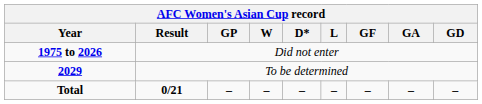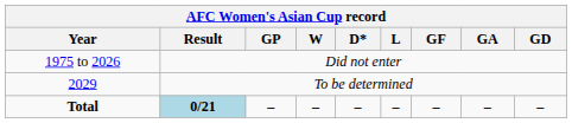 <table class="wikitable" style="text-align: center; width:50%;">
 <tr>
 <th colspan=10><a href='#'>AFC Women's Asian Cup</a> record</th>
 </tr>
 <tr>
 <th>Year</th>
 <th>Result</th>
 <th>GP</th>
 <th>W</th>
 <th>D*</th>
 <th>L</th>
 <th>GF</th>
 <th>GA</th>
 <th>GD</th>
 </tr>
 <tr>
-<td><strong> <a href='#'>1975</a> to  <a href='#'>2026</a></strong></td>
+<td> <a href='#'>1975</a> to  <a href='#'>2026</a></td>
 <td colspan=9><em>Did not enter</em></td>
 </tr>
 <tr>
-<td><strong> <a href='#'>2029</a></strong></td>
+<td> <a href='#'>2029</a></td>
 <td colspan=9><em>To be determined</em></td>
 </tr>
 <tr>
 <td><strong>Total</strong></td>
-<td><strong>0/21</strong></td>
+<td style="background: lightblue;"><strong>0/21</strong></td>
 <td><strong>–</strong></td>
 <td><strong>–</strong></td>
 <td><strong>–</strong></td>
 <td><strong>–</strong></td>
 <td><strong>–</strong></td>
 <td><strong>–</strong></td>
 <td><strong>–</strong></td>
 </tr>
 </table>
